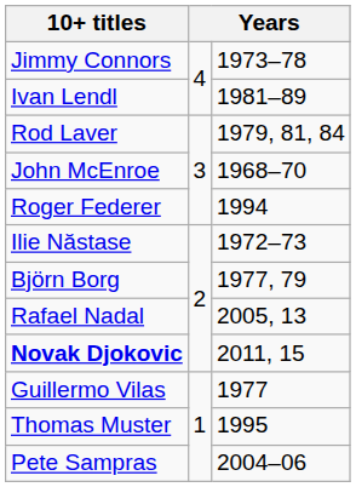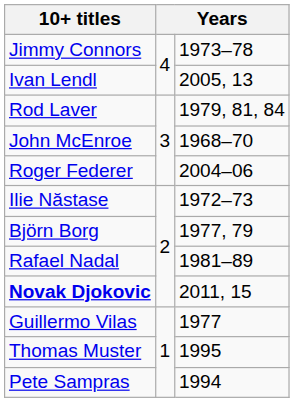 <table class="wikitable" style="display:inline-table;">
 <tr>
 <th>10+ titles</th>
 <th colspan="2">Years</th>
 </tr>
 <tr>
 <td> <a href='#'>Jimmy Connors</a></td>
 <td rowspan="2">4</td>
 <td>1973–78</td>
 </tr>
 <tr>
 <td> <a href='#'>Ivan Lendl</a></td>
-<td>1981–89</td>
+<td>2005, 13</td>
 </tr>
 <tr>
 <td> <a href='#'>Rod Laver</a></td>
 <td rowspan="3">3</td>
 <td>1979, 81, 84</td>
 </tr>
 <tr>
 <td> <a href='#'>John McEnroe</a></td>
 <td>1968–70</td>
 </tr>
 <tr>
 <td> <a href='#'>Roger Federer</a></td>
-<td>1994</td>
+<td>2004–06</td>
 </tr>
 <tr>
 <td> <a href='#'>Ilie Năstase</a></td>
 <td rowspan="4">2</td>
 <td>1972–73</td>
 </tr>
 <tr>
 <td> <a href='#'>Björn Borg</a></td>
 <td>1977, 79</td>
 </tr>
 <tr>
 <td> <a href='#'>Rafael Nadal</a></td>
-<td>2005, 13</td>
+<td>1981–89</td>
 </tr>
 <tr>
 <td> <strong><a href='#'>Novak Djokovic</a></strong></td>
 <td>2011, 15</td>
 </tr>
 <tr>
 <td> <a href='#'>Guillermo Vilas</a></td>
 <td rowspan="3">1</td>
 <td>1977</td>
 </tr>
 <tr>
 <td> <a href='#'>Thomas Muster</a></td>
 <td>1995</td>
 </tr>
 <tr>
 <td> <a href='#'>Pete Sampras</a></td>
-<td>2004–06</td>
+<td>1994</td>
 </tr>
 </table>
